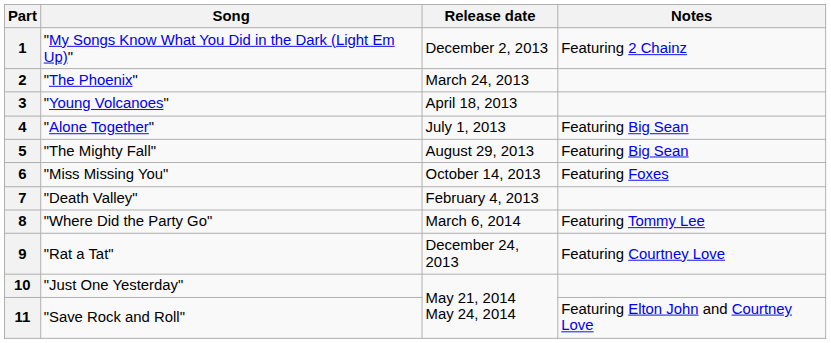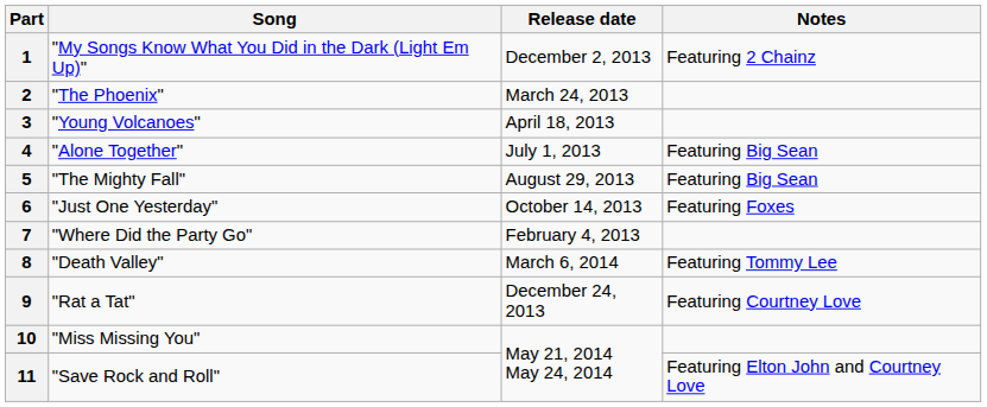 <table class="wikitable" style="width:100%; margin-right:0;">
 <tr>
 <th scope="col">Part</th>
 <th scope="col">Song</th>
 <th scope="col">Release date</th>
 <th scope="col">Notes</th>
 </tr>
 <tr>
 <th scope="row">1</th>
 <td>"<a href='#'>My Songs Know What You Did in the Dark (Light Em Up)</a>"</td>
 <td>December 2, 2013</td>
 <td>Featuring <a href='#'>2 Chainz</a></td>
 </tr>
 <tr>
 <th scope="row">2</th>
 <td>"<a href='#'>The Phoenix</a>"</td>
 <td>March 24, 2013</td>
 <td></td>
 </tr>
 <tr>
 <th scope="row">3</th>
 <td>"<a href='#'>Young Volcanoes</a>"</td>
 <td>April 18, 2013</td>
 <td></td>
 </tr>
 <tr>
 <th scope="row">4</th>
 <td>"<a href='#'>Alone Together</a>"</td>
 <td>July 1, 2013</td>
 <td>Featuring <a href='#'>Big Sean</a></td>
 </tr>
 <tr>
 <th scope="row">5</th>
 <td>"The Mighty Fall"</td>
 <td>August 29, 2013</td>
 <td>Featuring <a href='#'>Big Sean</a></td>
 </tr>
 <tr>
 <th scope="row">6</th>
-<td>"Miss Missing You"</td>
+<td>"Just One Yesterday"</td>
 <td>October 14, 2013</td>
 <td>Featuring <a href='#'>Foxes</a></td>
 </tr>
 <tr>
 <th scope="row">7</th>
-<td>"Death Valley"</td>
+<td>"Where Did the Party Go"</td>
 <td>February 4, 2013</td>
 <td></td>
 </tr>
 <tr>
 <th scope="row">8</th>
-<td>"Where Did the Party Go"</td>
+<td>"Death Valley"</td>
 <td>March 6, 2014</td>
 <td>Featuring <a href='#'>Tommy Lee</a></td>
 </tr>
 <tr>
 <th scope="row">9</th>
 <td>"Rat a Tat"</td>
 <td>December 24, 2013</td>
 <td>Featuring <a href='#'>Courtney Love</a></td>
 </tr>
 <tr>
 <th scope="row">10</th>
-<td>"Just One Yesterday"</td>
+<td>"Miss Missing You"</td>
 <td rowspan="2">May 21, 2014 <br>May 24, 2014 </td>
 <td></td>
 </tr>
 <tr>
 <th scope="row">11</th>
 <td>"Save Rock and Roll"</td>
 <td>Featuring <a href='#'>Elton John</a> and <a href='#'>Courtney Love</a></td>
 </tr>
 </table>
